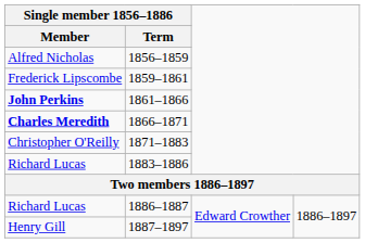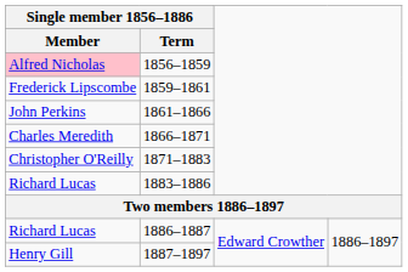 <table class="wikitable">
 <tr>
 <th colspan = "2">Single member 1856–1886</th>
 </tr>
 <tr>
 <th>Member</th>
 <th>Term</th>
 </tr>
 <tr>
-<td><a href='#'>Alfred Nicholas</a></td>
+<td style="background: pink;"><a href='#'>Alfred Nicholas</a></td>
 <td>1856–1859</td>
 </tr>
 <tr>
 <td><a href='#'>Frederick Lipscombe</a></td>
 <td>1859–1861</td>
 </tr>
 <tr>
-<td><strong><a href='#'>John Perkins</a></strong></td>
+<td><a href='#'>John Perkins</a></td>
 <td>1861–1866</td>
 </tr>
 <tr>
-<td><strong><a href='#'>Charles Meredith</a></strong></td>
+<td><a href='#'>Charles Meredith</a></td>
 <td>1866–1871</td>
 </tr>
 <tr>
 <td><a href='#'>Christopher O'Reilly</a></td>
 <td>1871–1883</td>
 </tr>
 <tr>
 <td><a href='#'>Richard Lucas</a></td>
 <td>1883–1886</td>
 </tr>
 <tr>
 <th colspan = "4">Two members 1886–1897</th>
 </tr>
 <tr>
 <td><a href='#'>Richard Lucas</a></td>
 <td>1886–1887</td>
 <td rowspan=2><a href='#'>Edward Crowther</a></td>
 <td rowspan=2>1886–1897</td>
 </tr>
 <tr>
 <td><a href='#'>Henry Gill</a></td>
 <td>1887–1897</td>
 </tr>
 </table>
